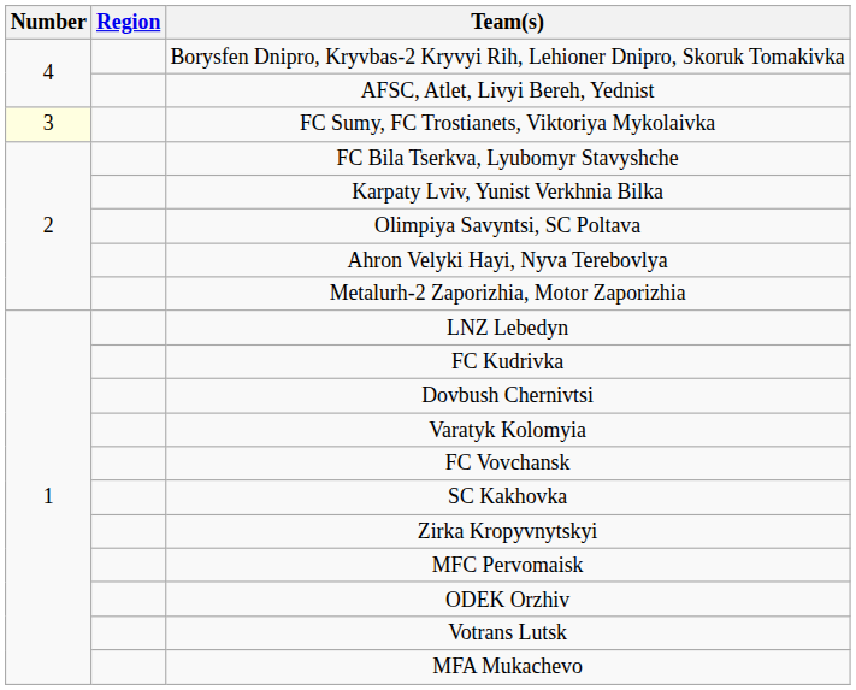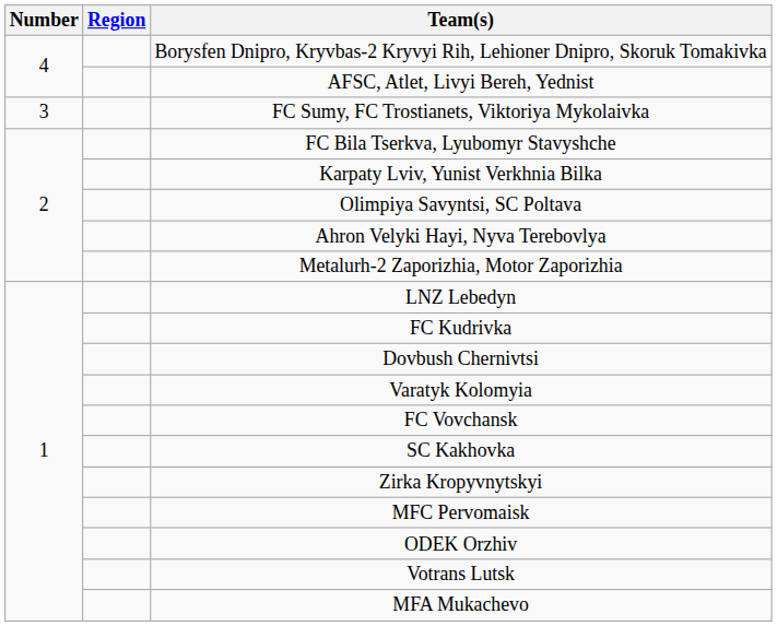 <table class="wikitable" style="text-align:center">
 <tr>
 <th>Number</th>
 <th><a href='#'>Region</a></th>
 <th>Team(s)</th>
 </tr>
 <tr>
 <td rowspan="2">4</td>
 <td align="left"></td>
 <td>Borysfen Dnipro, Kryvbas-2 Kryvyi Rih, Lehioner Dnipro, Skoruk Tomakivka</td>
 </tr>
 <tr>
 <td align="left"></td>
 <td>AFSC, Atlet, Livyi Bereh, Yednist</td>
 </tr>
 <tr>
-<td rowspan="1" style="background: lightyellow;">3</td>
+<td rowspan="1">3</td>
 <td align="left"></td>
 <td>FC Sumy, FC Trostianets, Viktoriya Mykolaivka</td>
 </tr>
 <tr>
 <td rowspan="5">2</td>
 <td align="left"></td>
 <td>FC Bila Tserkva, Lyubomyr Stavyshche</td>
 </tr>
 <tr>
 <td align="left"></td>
 <td>Karpaty Lviv, Yunist Verkhnia Bilka</td>
 </tr>
 <tr>
 <td align="left"></td>
 <td>Olimpiya Savyntsi, SC Poltava</td>
 </tr>
 <tr>
 <td align="left"></td>
 <td>Ahron Velyki Hayi, Nyva Terebovlya</td>
 </tr>
 <tr>
 <td align="left"></td>
 <td>Metalurh-2 Zaporizhia, Motor Zaporizhia</td>
 </tr>
 <tr>
 <td rowspan="13">1</td>
 <td align="left"></td>
 <td>LNZ Lebedyn</td>
 </tr>
 <tr>
 <td align="left"></td>
 <td>FC Kudrivka</td>
 </tr>
 <tr>
 <td align="left"></td>
 <td>Dovbush Chernivtsi</td>
 </tr>
 <tr>
 <td align="left"></td>
 <td>Varatyk Kolomyia</td>
 </tr>
 <tr>
 <td align="left"></td>
 <td>FC Vovchansk</td>
 </tr>
 <tr>
 <td align="left"></td>
 <td>SC Kakhovka</td>
 </tr>
 <tr>
 <td align="left"></td>
 <td>Zirka Kropyvnytskyi</td>
 </tr>
 <tr>
 <td align="left"></td>
 <td>MFC Pervomaisk</td>
 </tr>
 <tr>
 <td align="left"></td>
 <td>ODEK Orzhiv</td>
 </tr>
 <tr>
 <td align="left"></td>
 <td>Votrans Lutsk</td>
 </tr>
 <tr>
 <td align="left"></td>
 <td>MFA Mukachevo</td>
 </tr>
 </table>
